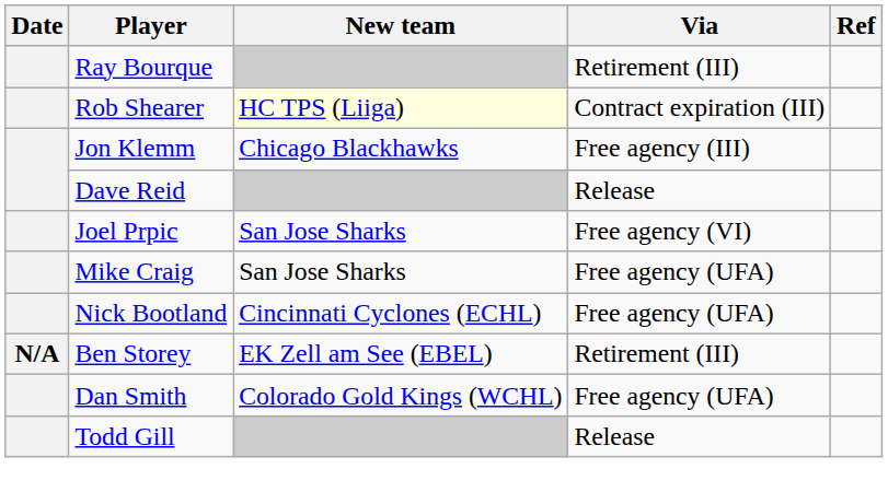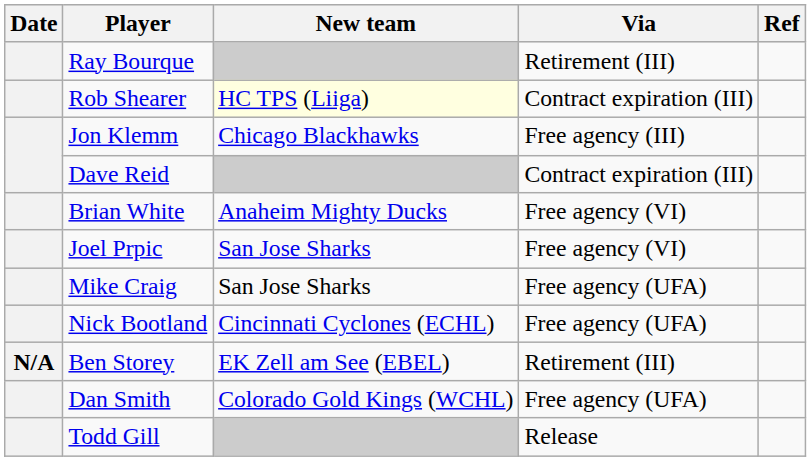 <table class="wikitable plainrowheaders">
 <tr style="background:#ddd; text-align:center;">
 <th>Date</th>
 <th>Player</th>
 <th>New team</th>
 <th>Via</th>
 <th>Ref</th>
 </tr>
 <tr>
 <th scope="row"></th>
 <td><a href='#'>Ray Bourque</a></td>
 <td style="background:#ccc"></td>
 <td>Retirement (III)</td>
 <td></td>
 </tr>
 <tr>
 <th scope="row"></th>
 <td><a href='#'>Rob Shearer</a></td>
 <td style="background: lightyellow;"><a href='#'>HC TPS</a> (<a href='#'>Liiga</a>)</td>
 <td>Contract expiration (III)</td>
 <td></td>
 </tr>
 <tr>
 <th scope="row" rowspan=2></th>
 <td><a href='#'>Jon Klemm</a></td>
 <td><a href='#'>Chicago Blackhawks</a></td>
 <td>Free agency (III)</td>
 <td></td>
 </tr>
 <tr>
 <td><a href='#'>Dave Reid</a></td>
 <td style="background:#ccc"></td>
-<td>Release</td>
+<td>Contract expiration (III)</td>
+<td></td>
+</tr>
+<tr>
+<th scope="row"></th>
+<td><a href='#'>Brian White</a></td>
+<td><a href='#'>Anaheim Mighty Ducks</a></td>
+<td>Free agency (VI)</td>
 <td></td>
 </tr>
 <tr>
 <th scope="row"></th>
 <td><a href='#'>Joel Prpic</a></td>
 <td><a href='#'>San Jose Sharks</a></td>
 <td>Free agency (VI)</td>
 <td></td>
 </tr>
 <tr>
 <th scope="row"></th>
 <td><a href='#'>Mike Craig</a></td>
 <td>San Jose Sharks</td>
 <td>Free agency (UFA)</td>
 <td></td>
 </tr>
 <tr>
 <th scope="row"></th>
 <td><a href='#'>Nick Bootland</a></td>
 <td><a href='#'>Cincinnati Cyclones</a> (<a href='#'>ECHL</a>)</td>
 <td>Free agency (UFA)</td>
 <td></td>
 </tr>
 <tr>
 <th scope="row">N/A</th>
 <td><a href='#'>Ben Storey</a></td>
 <td><a href='#'>EK Zell am See</a> (<a href='#'>EBEL</a>)</td>
 <td>Retirement (III)</td>
 <td></td>
 </tr>
 <tr>
 <th scope="row"></th>
 <td><a href='#'>Dan Smith</a></td>
 <td><a href='#'>Colorado Gold Kings</a> (<a href='#'>WCHL</a>)</td>
 <td>Free agency (UFA)</td>
 <td></td>
 </tr>
 <tr>
 <th scope="row"></th>
 <td><a href='#'>Todd Gill</a></td>
 <td style="background:#ccc"></td>
 <td>Release</td>
 <td></td>
 </tr>
 </table>
